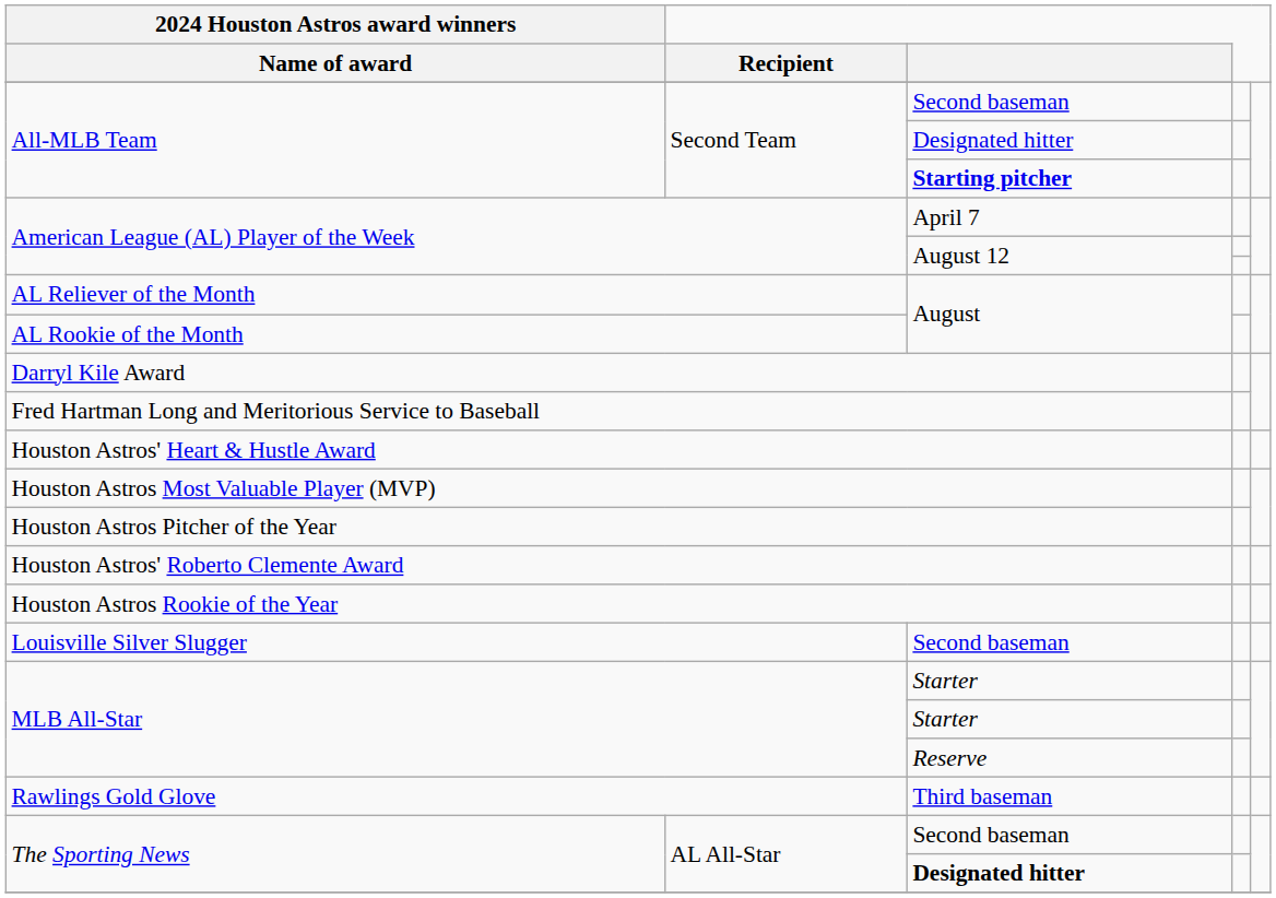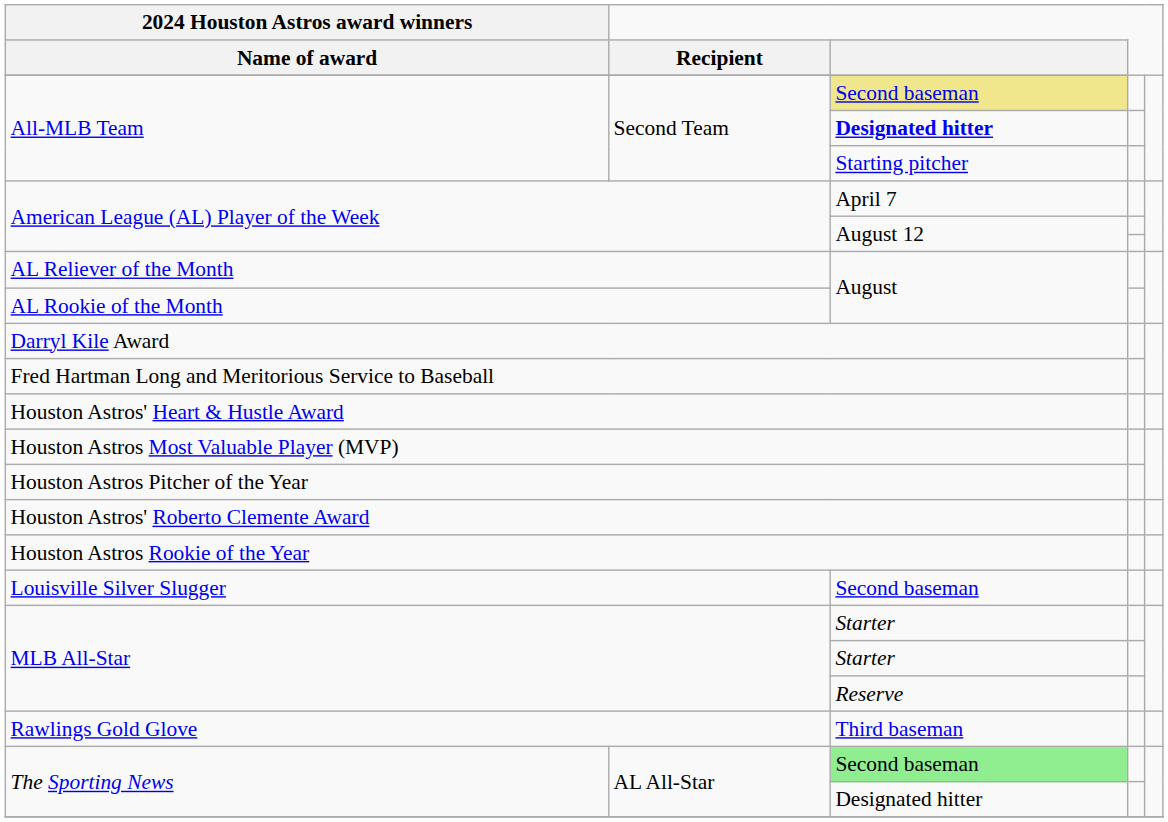 <table class="wikitable sortable" style="margin: 5px; text-align: left; margin-left: auto; margin-right: auto; width: 65%; font-size: 95%">
 <tr>
 <th><strong>2024 Houston Astros award winners</strong></th>
 </tr>
 <tr>
 <th>Name of award</th>
 <th>Recipient</th>
 <th></th>
 </tr>
 <tr>
 </tr>
 <tr>
 <td rowspan="3"><a href='#'>All-MLB Team</a></td>
 <td rowspan="3">Second Team</td>
-<td><a href='#'>Second baseman</a></td>
+<td style="background: khaki;"><a href='#'>Second baseman</a></td>
 <td align="center"></td>
 <td align="center" rowspan="3"></td>
 </tr>
 <tr>
-<td><a href='#'>Designated hitter</a></td>
+<td><strong><a href='#'>Designated hitter</a></strong></td>
 <td align="center"></td>
 </tr>
 <tr>
-<td><strong><a href='#'>Starting pitcher</a></strong></td>
+<td><a href='#'>Starting pitcher</a></td>
 <td align="center"></td>
 </tr>
 <tr>
 <td rowspan="3" colspan="2"><a href='#'>American League (AL) Player of the Week</a></td>
 <td>April 7</td>
 <td align="center"></td>
 <td rowspan="3" align="center"></td>
 </tr>
 <tr>
 <td rowspan="2">August 12</td>
 <td align="center"></td>
 </tr>
 <tr>
 <td align="center"></td>
 </tr>
 <tr>
 <td colspan="2"><a href='#'>AL Reliever of the Month</a></td>
 <td rowspan="2">August</td>
 <td align="center"></td>
 <td rowspan="2" align="center"></td>
 </tr>
 <tr>
 <td colspan="2"><a href='#'>AL Rookie of the Month</a></td>
 <td align="center"></td>
 </tr>
 <tr>
 <td colspan="3"><a href='#'>Darryl Kile</a> Award</td>
 <td align="center"></td>
 <td rowspan="2" align="center"></td>
 </tr>
 <tr>
 <td colspan="3">Fred Hartman Long and Meritorious Service to Baseball</td>
 <td align="center"></td>
 </tr>
 <tr>
 <td colspan="3">Houston Astros' <a href='#'>Heart & Hustle Award</a></td>
 <td align="center"></td>
 <td align="center"></td>
 </tr>
 <tr>
 <td colspan="3">Houston Astros <a href='#'>Most Valuable Player</a> (MVP)</td>
 <td align="center"></td>
 <td rowspan="2" align="center"></td>
 </tr>
 <tr>
 <td colspan="3">Houston Astros Pitcher of the Year</td>
 <td align="center"></td>
 </tr>
 <tr>
 <td colspan="3">Houston Astros' <a href='#'>Roberto Clemente Award</a></td>
 <td align="center"></td>
 <td align="center"></td>
 </tr>
 <tr>
 <td colspan="3">Houston Astros <a href='#'>Rookie of the Year</a></td>
 <td align="center"></td>
 <td align="center"></td>
 </tr>
 <tr>
 <td colspan="2"><a href='#'>Louisville Silver Slugger</a></td>
 <td><a href='#'>Second baseman</a></td>
 <td align="center"></td>
 <td align="center"></td>
 </tr>
 <tr>
 <td rowspan="3" colspan="2"><a href='#'>MLB All-Star</a></td>
 <td><em>Starter</em></td>
 <td align="center"></td>
 <td rowspan="3" align="center"></td>
 </tr>
 <tr>
 <td><em>Starter</em></td>
 <td align="center"></td>
 </tr>
 <tr>
 <td><em>Reserve</em></td>
 <td align="center"></td>
 </tr>
 <tr>
 <td colspan="2"><a href='#'>Rawlings Gold Glove</a></td>
 <td><a href='#'>Third baseman</a></td>
 <td align="center"></td>
 <td align="center"></td>
 </tr>
 <tr>
 <td rowspan="2"><em>The <a href='#'>Sporting News</a></em></td>
 <td rowspan="2">AL All-Star</td>
-<td>Second baseman</td>
+<td style="background: lightgreen;">Second baseman</td>
 <td align="center"></td>
 <td rowspan="2" align="center"></td>
 </tr>
 <tr>
-<td><strong>Designated hitter</strong></td>
+<td>Designated hitter</td>
 <td align="center"></td>
 </tr>
 <tr>
 </tr>
 </table>
